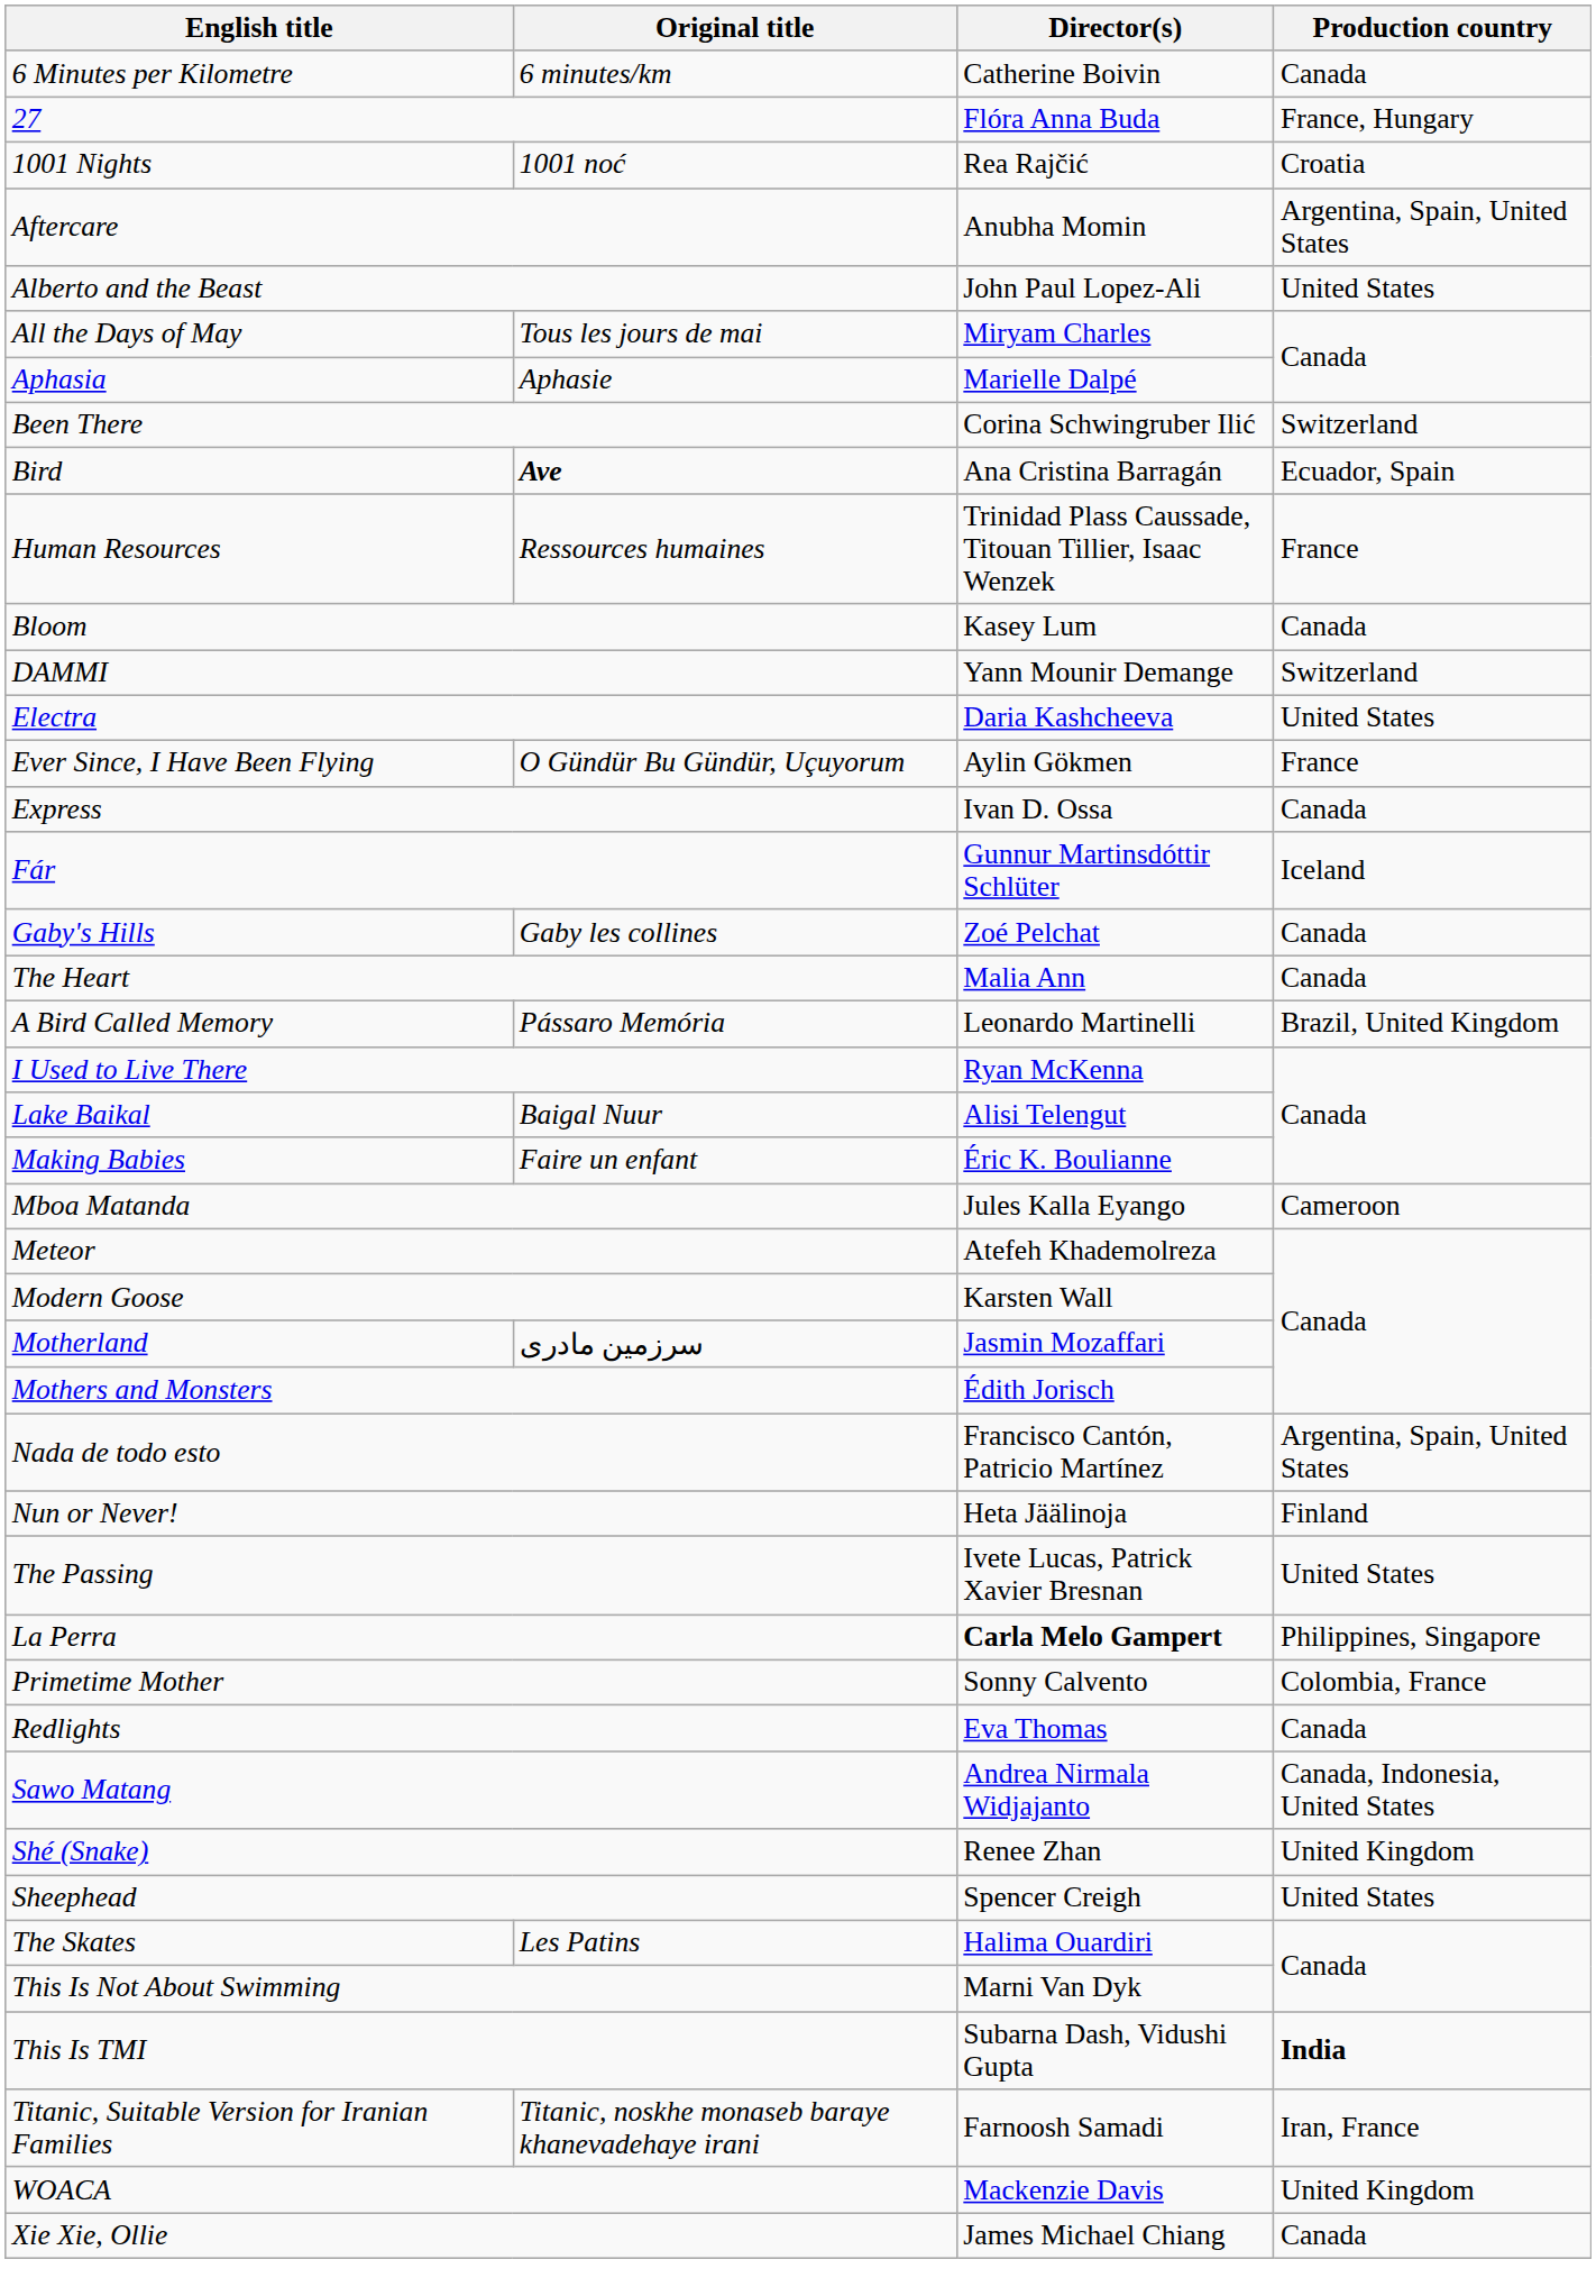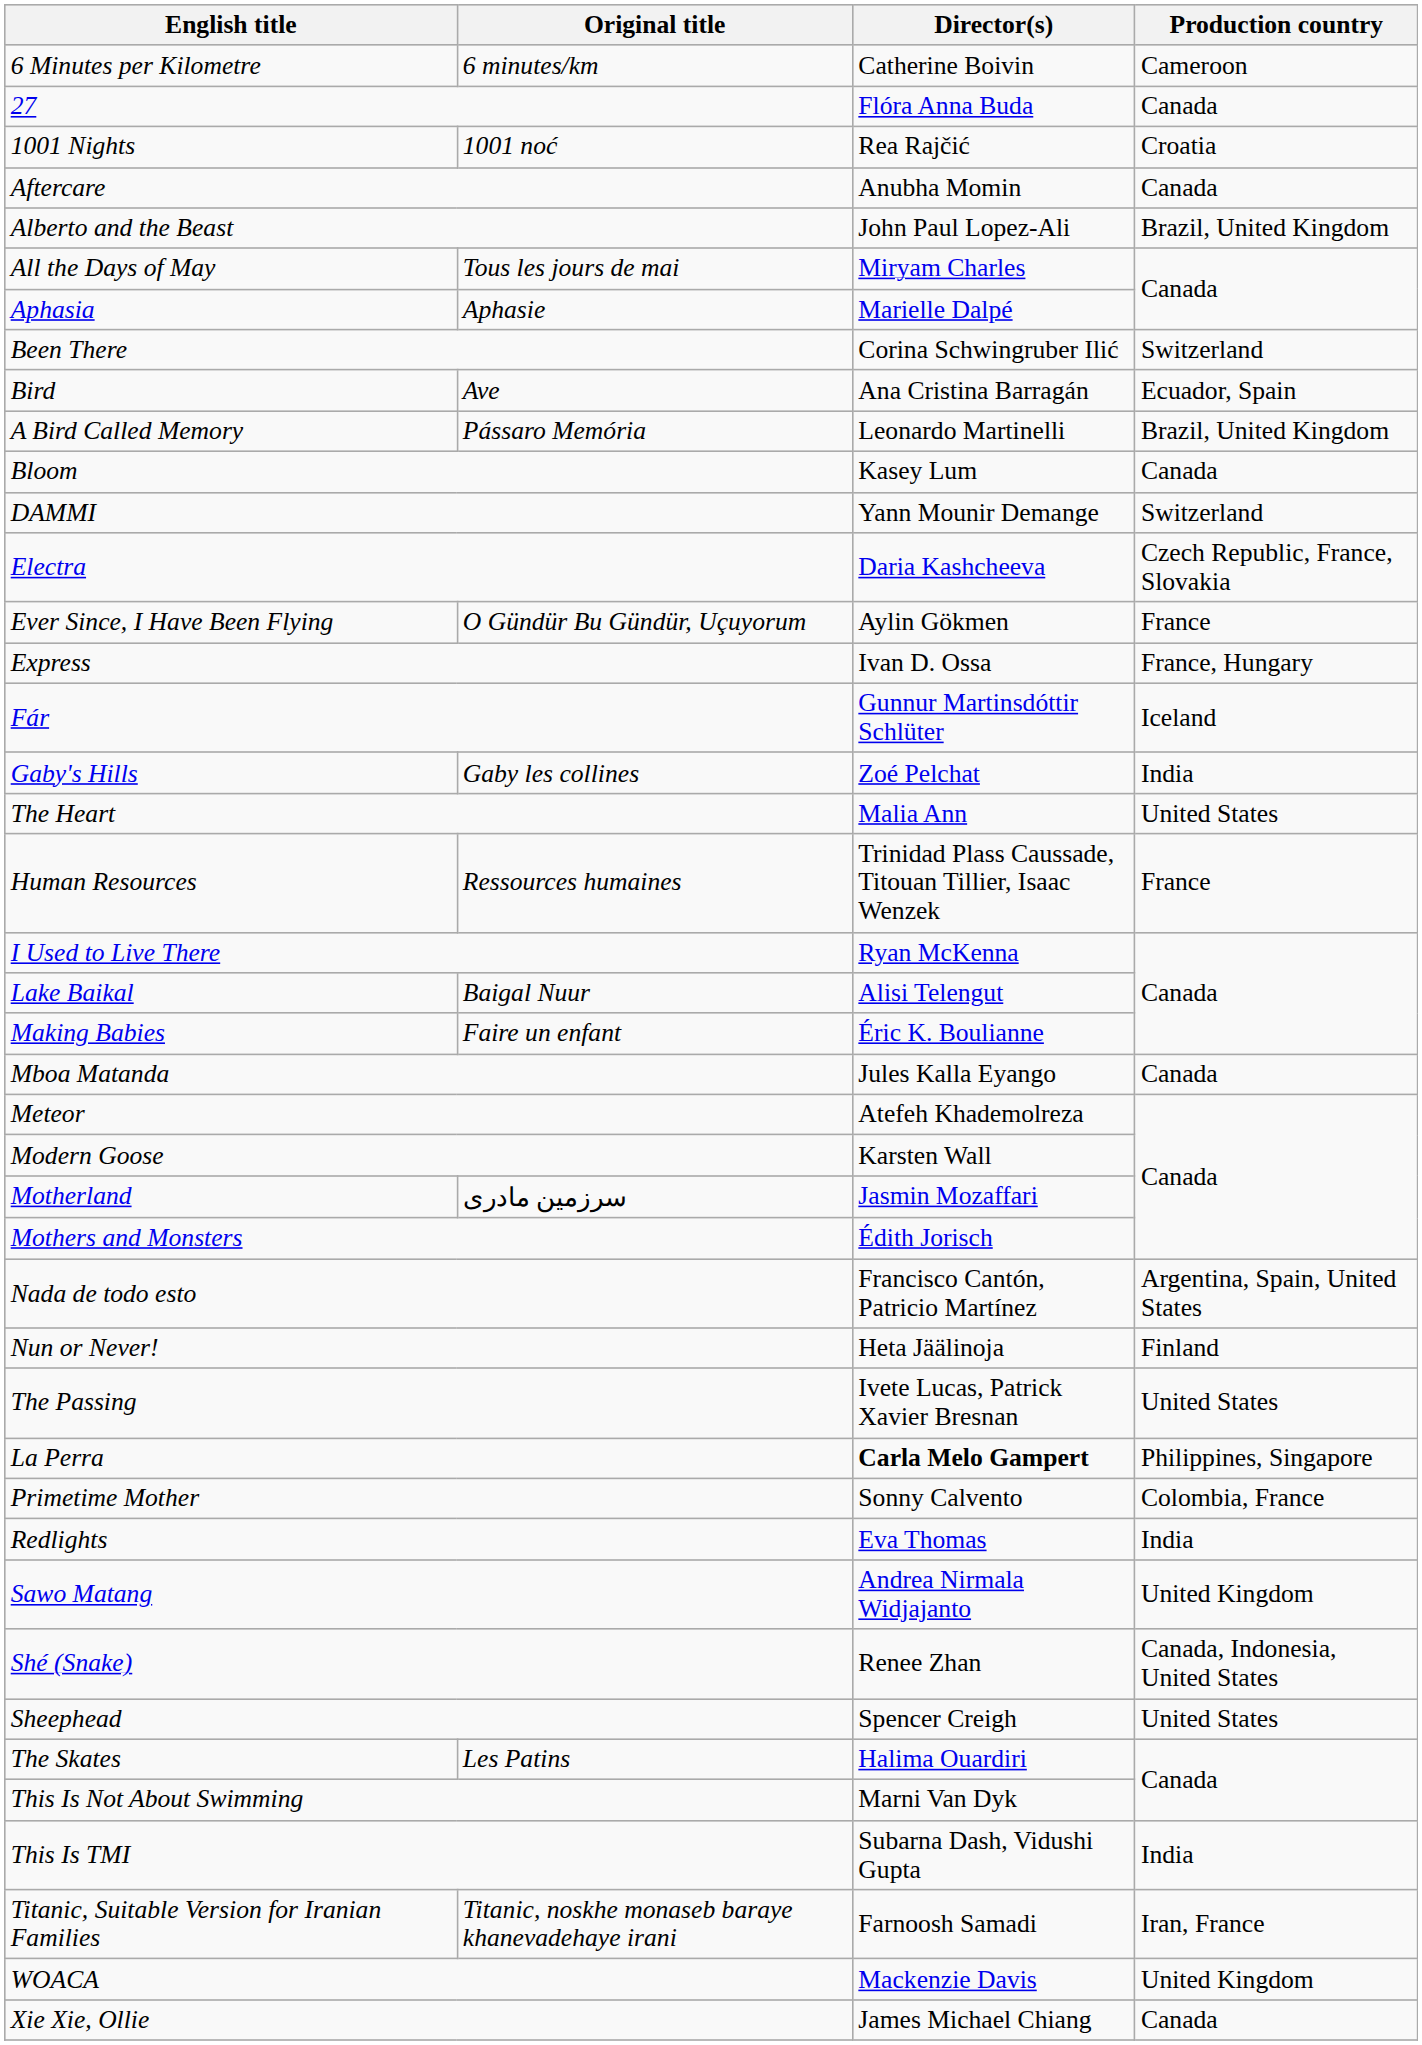 <table class="sortable wikitable" width="100%" cellpadding="5">
 <tr>
 <th scope="col" width="32%">English title</th>
 <th scope="col" width="28%">Original title</th>
 <th scope="col" width="20%">Director(s)</th>
 <th scope="col" width="20%">Production country</th>
 </tr>
 <tr>
 <td><em>6 Minutes per Kilometre</em></td>
 <td><em>6 minutes/km</em></td>
 <td>Catherine Boivin</td>
-<td>Canada</td>
+<td>Cameroon</td>
 </tr>
 <tr>
 <td colspan=2><em><a href='#'>27</a></em></td>
 <td><a href='#'>Flóra Anna Buda</a></td>
-<td>France, Hungary</td>
+<td>Canada</td>
 </tr>
 <tr>
 <td><em>1001 Nights</em></td>
 <td><em>1001 noć</em></td>
 <td>Rea Rajčić</td>
 <td>Croatia</td>
 </tr>
 <tr>
 <td colspan=2><em>Aftercare</em></td>
 <td>Anubha Momin</td>
-<td>Argentina, Spain, United States</td>
+<td>Canada</td>
 </tr>
 <tr>
 <td colspan=2><em>Alberto and the Beast</em></td>
 <td>John Paul Lopez-Ali</td>
-<td>United States</td>
+<td>Brazil, United Kingdom</td>
 </tr>
 <tr>
 <td><em>All the Days of May</em></td>
 <td><em>Tous les jours de mai</em></td>
 <td><a href='#'>Miryam Charles</a></td>
 <td rowspan="2">Canada</td>
 </tr>
 <tr>
 <td><em><a href='#'>Aphasia</a></em></td>
 <td><em>Aphasie</em></td>
 <td><a href='#'>Marielle Dalpé</a></td>
 </tr>
 <tr>
 <td colspan=2><em>Been There</em></td>
 <td>Corina Schwingruber Ilić</td>
 <td>Switzerland</td>
 </tr>
 <tr>
 <td><em>Bird</em></td>
-<td><strong><em>Ave</em></strong></td>
+<td><em>Ave</em></td>
 <td>Ana Cristina Barragán</td>
 <td>Ecuador, Spain</td>
 </tr>
 <tr>
-<td><em>Human Resources</em></td>
-<td><em>Ressources humaines</em></td>
-<td>Trinidad Plass Caussade, Titouan Tillier, Isaac Wenzek</td>
-<td>France</td>
+<td><em>A Bird Called Memory</em></td>
+<td><em>Pássaro Memória</em></td>
+<td>Leonardo Martinelli</td>
+<td>Brazil, United Kingdom</td>
 </tr>
 <tr>
 <td colspan=2><em>Bloom</em></td>
 <td>Kasey Lum</td>
 <td>Canada</td>
 </tr>
 <tr>
 <td colspan=2><em>DAMMI</em></td>
 <td>Yann Mounir Demange</td>
 <td>Switzerland</td>
 </tr>
 <tr>
 <td colspan=2><em><a href='#'>Electra</a></em></td>
 <td><a href='#'>Daria Kashcheeva</a></td>
-<td>United States</td>
+<td>Czech Republic, France, Slovakia</td>
 </tr>
 <tr>
 <td><em>Ever Since, I Have Been Flying</em></td>
 <td><em>O Gündür Bu Gündür, Uçuyorum</em></td>
 <td>Aylin Gökmen</td>
 <td>France</td>
 </tr>
 <tr>
 <td colspan=2><em>Express</em></td>
 <td>Ivan D. Ossa</td>
-<td>Canada</td>
+<td>France, Hungary</td>
 </tr>
 <tr>
 <td colspan=2><em><a href='#'>Fár</a></em></td>
 <td><a href='#'>Gunnur Martinsdóttir Schlüter</a></td>
 <td>Iceland</td>
 </tr>
 <tr>
 <td><em><a href='#'>Gaby's Hills</a></em></td>
 <td><em>Gaby les collines</em></td>
 <td><a href='#'>Zoé Pelchat</a></td>
-<td>Canada</td>
+<td>India</td>
 </tr>
 <tr>
 <td colspan=2><em>The Heart</em></td>
 <td><a href='#'>Malia Ann</a></td>
-<td>Canada</td>
+<td>United States</td>
 </tr>
 <tr>
-<td><em>A Bird Called Memory</em></td>
-<td><em>Pássaro Memória</em></td>
-<td>Leonardo Martinelli</td>
-<td>Brazil, United Kingdom</td>
+<td><em>Human Resources</em></td>
+<td><em>Ressources humaines</em></td>
+<td>Trinidad Plass Caussade, Titouan Tillier, Isaac Wenzek</td>
+<td>France</td>
 </tr>
 <tr>
 <td colspan=2><em><a href='#'>I Used to Live There</a></em></td>
 <td><a href='#'>Ryan McKenna</a></td>
 <td rowspan="3">Canada</td>
 </tr>
 <tr>
 <td><em><a href='#'>Lake Baikal</a></em></td>
 <td><em>Baigal Nuur</em></td>
 <td><a href='#'>Alisi Telengut</a></td>
 </tr>
 <tr>
 <td><em><a href='#'>Making Babies</a></em></td>
 <td><em>Faire un enfant</em></td>
 <td><a href='#'>Éric K. Boulianne</a></td>
 </tr>
 <tr>
 <td colspan=2><em>Mboa Matanda</em></td>
 <td>Jules Kalla Eyango</td>
-<td>Cameroon</td>
+<td>Canada</td>
 </tr>
 <tr>
 <td colspan=2><em>Meteor</em></td>
 <td>Atefeh Khademolreza</td>
 <td rowspan="4">Canada</td>
 </tr>
 <tr>
 <td colspan=2><em>Modern Goose</em></td>
 <td>Karsten Wall</td>
 </tr>
 <tr>
 <td><em><a href='#'>Motherland</a></em></td>
 <td>سرزمین مادری</td>
 <td><a href='#'>Jasmin Mozaffari</a></td>
 </tr>
 <tr>
 <td colspan=2><em><a href='#'>Mothers and Monsters</a></em></td>
 <td><a href='#'>Édith Jorisch</a></td>
 </tr>
 <tr>
 <td colspan=2><em>Nada de todo esto</em></td>
 <td>Francisco Cantón, Patricio Martínez</td>
 <td>Argentina, Spain, United States</td>
 </tr>
 <tr>
 <td colspan=2><em>Nun or Never!</em></td>
 <td>Heta Jäälinoja</td>
 <td>Finland</td>
 </tr>
 <tr>
 <td colspan=2><em>The Passing</em></td>
 <td>Ivete Lucas, Patrick Xavier Bresnan</td>
 <td>United States</td>
 </tr>
 <tr>
 <td colspan=2><em>La Perra</em></td>
 <td><strong>Carla Melo Gampert</strong></td>
 <td>Philippines, Singapore</td>
 </tr>
 <tr>
 <td colspan=2><em>Primetime Mother</em></td>
 <td>Sonny Calvento</td>
 <td>Colombia, France</td>
 </tr>
 <tr>
 <td colspan=2><em>Redlights</em></td>
 <td><a href='#'>Eva Thomas</a></td>
-<td>Canada</td>
+<td>India</td>
 </tr>
 <tr>
 <td colspan=2><em><a href='#'>Sawo Matang</a></em></td>
 <td><a href='#'>Andrea Nirmala Widjajanto</a></td>
-<td>Canada, Indonesia, United States</td>
+<td>United Kingdom</td>
 </tr>
 <tr>
 <td colspan=2><em><a href='#'>Shé (Snake)</a></em></td>
 <td>Renee Zhan</td>
-<td>United Kingdom</td>
+<td>Canada, Indonesia, United States</td>
 </tr>
 <tr>
 <td colspan=2><em>Sheephead</em></td>
 <td>Spencer Creigh</td>
 <td>United States</td>
 </tr>
 <tr>
 <td><em>The Skates</em></td>
 <td><em>Les Patins</em></td>
 <td><a href='#'>Halima Ouardiri</a></td>
 <td rowspan="2">Canada</td>
 </tr>
 <tr>
 <td colspan=2><em>This Is Not About Swimming</em></td>
 <td>Marni Van Dyk</td>
 </tr>
 <tr>
 <td colspan=2><em>This Is TMI</em></td>
 <td>Subarna Dash, Vidushi Gupta</td>
-<td><strong>India</strong></td>
+<td>India</td>
 </tr>
 <tr>
 <td><em>Titanic, Suitable Version for Iranian Families</em></td>
 <td><em>Titanic, noskhe monaseb baraye khanevadehaye irani</em></td>
 <td>Farnoosh Samadi</td>
 <td>Iran, France</td>
 </tr>
 <tr>
 <td colspan=2><em>WOACA</em></td>
 <td><a href='#'>Mackenzie Davis</a></td>
 <td>United Kingdom</td>
 </tr>
 <tr>
 <td colspan=2><em>Xie Xie, Ollie</em></td>
 <td>James Michael Chiang</td>
 <td>Canada</td>
 </tr>
 </table>
